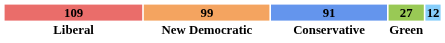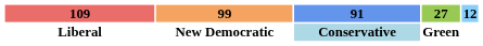 <table style="width:88%; text-align:center; font-weight: bold;">
 <tr style="color:black;">
 <td style="background:#EA6D6A; width:32.25%;">109</td>
 <td style="background:#F4A460; width:29.29%;">99</td>
 <td style="background:#6495ED; width:26.98%;">91</td>
 <td style="background:#99C955; width:07.92%;">27</td>
 <td style="background:#87CEFA; width:03.52%;">12</td>
 </tr>
 <tr>
 <td>Liberal</td>
 <td>New Democratic</td>
-<td>Conservative</td>
+<td style="background: lightblue;">Conservative</td>
 <td>Green</td>
 <td></td>
 </tr>
 </table>
